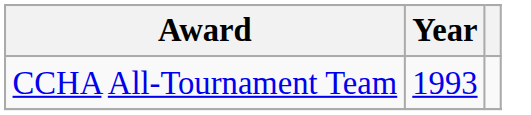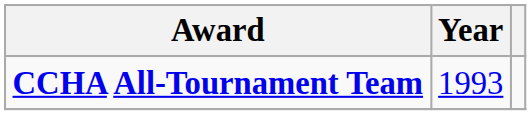 <table class="wikitable">
 <tr>
 <th>Award</th>
 <th>Year</th>
 <th></th>
 </tr>
 <tr>
-<td><a href='#'>CCHA</a> <a href='#'>All-Tournament Team</a></td>
+<td><strong><a href='#'>CCHA</a> <a href='#'>All-Tournament Team</a></strong></td>
 <td><a href='#'>1993</a></td>
 <td></td>
 </tr>
 <tr>
 </tr>
 </table>
